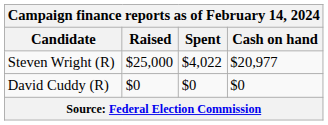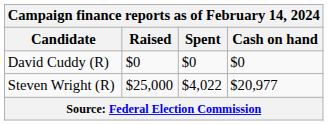 <table class="wikitable sortable">
 <tr>
 <th colspan=4>Campaign finance reports as of February 14, 2024</th>
 </tr>
 <tr style="text-align:center;">
 <th>Candidate</th>
 <th>Raised</th>
 <th>Spent</th>
 <th>Cash on hand</th>
 </tr>
 <tr>
+<td style="background-color:">David Cuddy (R)</td>
+<td>$0</td>
+<td>$0</td>
+<td>$0</td>
+</tr>
+<tr>
 <td style="background-color:">Steven Wright (R)</td>
 <td>$25,000</td>
 <td>$4,022</td>
 <td>$20,977</td>
 </tr>
 <tr>
-<td style="background-color:">David Cuddy (R)</td>
-<td>$0</td>
-<td>$0</td>
-<td>$0</td>
-</tr>
-<tr>
 <th colspan="4"><small>Source: <a href='#'>Federal Election Commission</a></small></th>
 </tr>
 </table>
